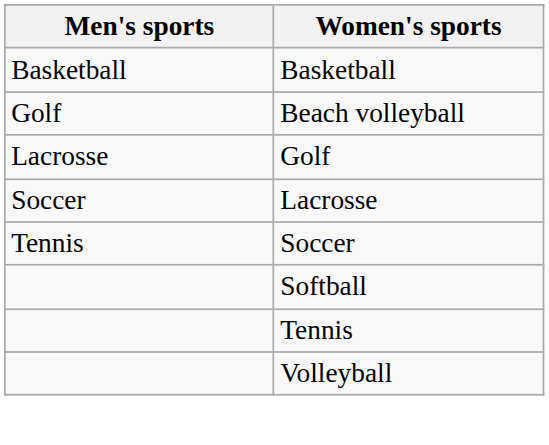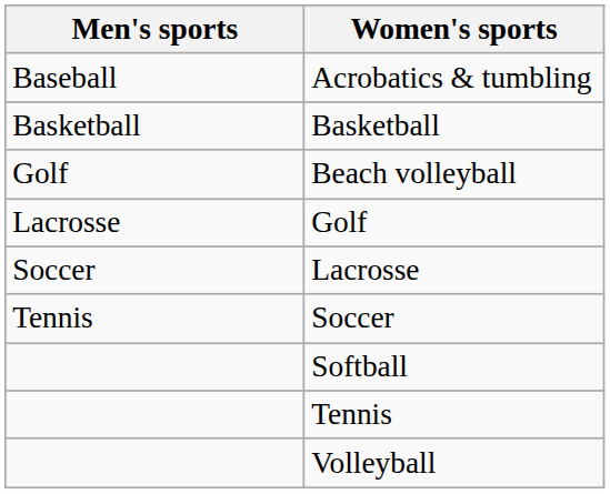 <table class="wikitable"; style= "text-align: ">
 <tr>
 <th width=150px>Men's sports</th>
 <th width=150px>Women's sports</th>
+</tr>
+<tr>
+<td>Baseball</td>
+<td>Acrobatics & tumbling</td>
 </tr>
 <tr>
 <td>Basketball</td>
 <td>Basketball</td>
 </tr>
 <tr>
 <td>Golf</td>
 <td>Beach volleyball</td>
 </tr>
 <tr>
 <td>Lacrosse</td>
 <td>Golf</td>
 </tr>
 <tr>
 <td>Soccer</td>
 <td>Lacrosse</td>
 </tr>
 <tr>
 <td>Tennis</td>
 <td>Soccer</td>
 </tr>
 <tr>
 <td></td>
 <td>Softball</td>
 </tr>
 <tr>
 <td></td>
 <td>Tennis</td>
 </tr>
 <tr>
 <td></td>
 <td>Volleyball</td>
 </tr>
 </table>
